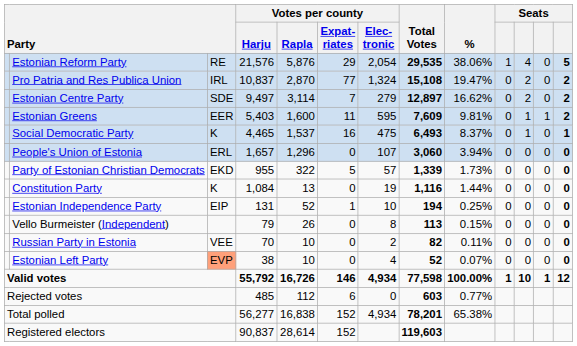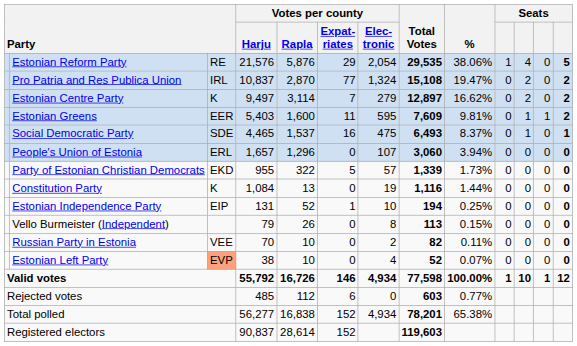 <table class="wikitable" border="1" style="text-align:right;">
 <tr>
 <th style="text-align:left;" valign=bottom rowspan=2 colspan=3>Party</th>
 <th colspan=4>Votes per county</th>
 <th align=center valign=bottom rowspan=2 width="50">Total Votes</th>
 <th align=center valign=bottom rowspan=2 width="50">%</th>
 <th colspan=4>Seats</th>
 </tr>
 <tr>
 <th align=center valign=bottom width="50"><a href='#'>Harju</a></th>
 <th align=center valign=bottom width="50"><a href='#'>Rapla</a></th>
 <th align=center valign=bottom width="50"><a href='#'>Expat- riates</a></th>
 <th align=center valign=bottom width="50"><a href='#'>Elec- tronic</a></th>
 <th align=center valign=bottom width="20"><small></small></th>
 <th align=center valign=bottom width="20"><small></small></th>
 <th align=center valign=bottom width="20"><small></small></th>
 <th align=center valign=bottom width="20"><small></small></th>
 </tr>
 <tr style="background:#CEE0F2;">
 <td style="background:"></td>
 <td align=left><a href='#'>Estonian Reform Party</a></td>
 <td align=left>RE</td>
 <td>21,576</td>
 <td>5,876</td>
 <td>29</td>
 <td>2,054</td>
 <td><strong>29,535</strong></td>
 <td>38.06%</td>
 <td>1</td>
 <td>4</td>
 <td>0</td>
 <td><strong>5</strong></td>
 </tr>
 <tr style="background:#CEE0F2;">
 <td style="background:"></td>
 <td align=left><a href='#'>Pro Patria and Res Publica Union</a></td>
 <td align=left>IRL</td>
 <td>10,837</td>
 <td>2,870</td>
 <td>77</td>
 <td>1,324</td>
 <td><strong>15,108</strong></td>
 <td>19.47%</td>
 <td>0</td>
 <td>2</td>
 <td>0</td>
 <td><strong>2</strong></td>
 </tr>
 <tr style="background:#CEE0F2;">
 <td style="background:"></td>
 <td align=left><a href='#'>Estonian Centre Party</a></td>
-<td align=left>SDE</td>
+<td align=left>K</td>
 <td>9,497</td>
 <td>3,114</td>
 <td>7</td>
 <td>279</td>
 <td><strong>12,897</strong></td>
 <td>16.62%</td>
 <td>0</td>
 <td>2</td>
 <td>0</td>
 <td><strong>2</strong></td>
 </tr>
 <tr style="background:#CEE0F2;">
 <td style="background:"></td>
 <td align=left><a href='#'>Estonian Greens</a></td>
 <td align=left>EER</td>
 <td>5,403</td>
 <td>1,600</td>
 <td>11</td>
 <td>595</td>
 <td><strong>7,609</strong></td>
 <td>9.81%</td>
 <td>0</td>
 <td>1</td>
 <td>1</td>
 <td><strong>2</strong></td>
 </tr>
 <tr style="background:#CEE0F2;">
 <td style="background:"></td>
 <td align=left><a href='#'>Social Democratic Party</a></td>
-<td align=left>K</td>
+<td align=left>SDE</td>
 <td>4,465</td>
 <td>1,537</td>
 <td>16</td>
 <td>475</td>
 <td><strong>6,493</strong></td>
 <td>8.37%</td>
 <td>0</td>
 <td>1</td>
 <td>0</td>
 <td><strong>1</strong></td>
 </tr>
 <tr style="background:#CEE0F2;">
 <td style="background:"></td>
 <td align=left><a href='#'>People's Union of Estonia</a></td>
 <td align=left>ERL</td>
 <td>1,657</td>
 <td>1,296</td>
 <td>0</td>
 <td>107</td>
 <td><strong>3,060</strong></td>
 <td>3.94%</td>
 <td>0</td>
 <td>0</td>
 <td>0</td>
 <td><strong>0</strong></td>
 </tr>
 <tr>
 <td style="background:"></td>
 <td align=left><a href='#'>Party of Estonian Christian Democrats</a></td>
 <td align=left>EKD</td>
 <td>955</td>
 <td>322</td>
 <td>5</td>
 <td>57</td>
 <td><strong>1,339</strong></td>
 <td>1.73%</td>
 <td>0</td>
 <td>0</td>
 <td>0</td>
 <td><strong>0</strong></td>
 </tr>
 <tr>
 <td style="background:"></td>
 <td align=left><a href='#'>Constitution Party</a></td>
 <td align=left>K</td>
 <td>1,084</td>
 <td>13</td>
 <td>0</td>
 <td>19</td>
 <td><strong>1,116</strong></td>
 <td>1.44%</td>
 <td>0</td>
 <td>0</td>
 <td>0</td>
 <td><strong>0</strong></td>
 </tr>
 <tr>
 <td style="background:"></td>
 <td align=left><a href='#'>Estonian Independence Party</a></td>
 <td align=left>EIP</td>
 <td>131</td>
 <td>52</td>
 <td>1</td>
 <td>10</td>
 <td><strong>194</strong></td>
 <td>0.25%</td>
 <td>0</td>
 <td>0</td>
 <td>0</td>
 <td><strong>0</strong></td>
 </tr>
 <tr>
 <td style="background:"></td>
 <td align=left>Vello Burmeister (<a href='#'>Independent</a>)</td>
 <td></td>
 <td>79</td>
 <td>26</td>
 <td>0</td>
 <td>8</td>
 <td><strong>113</strong></td>
 <td>0.15%</td>
 <td>0</td>
 <td>0</td>
 <td>0</td>
 <td><strong>0</strong></td>
 </tr>
 <tr>
 <td></td>
 <td align=left><a href='#'>Russian Party in Estonia</a></td>
 <td align=left>VEE</td>
 <td>70</td>
 <td>10</td>
 <td>0</td>
 <td>2</td>
 <td><strong>82</strong></td>
 <td>0.11%</td>
 <td>0</td>
 <td>0</td>
 <td>0</td>
 <td><strong>0</strong></td>
 </tr>
 <tr>
 <td style="background:"></td>
 <td align=left><a href='#'>Estonian Left Party</a></td>
 <td align=left style="background: lightsalmon;">EVP</td>
 <td>38</td>
 <td>10</td>
 <td>0</td>
 <td>4</td>
 <td><strong>52</strong></td>
 <td>0.07%</td>
 <td>0</td>
 <td>0</td>
 <td>0</td>
 <td><strong>0</strong></td>
 </tr>
 <tr style="font-weight:bold">
 <td align=left colspan=3>Valid votes</td>
 <td>55,792</td>
 <td>16,726</td>
 <td>146</td>
 <td>4,934</td>
 <td>77,598</td>
 <td>100.00%</td>
 <td>1</td>
 <td>10</td>
 <td>1</td>
 <td>12</td>
 </tr>
 <tr>
 <td align=left colspan=3>Rejected votes</td>
 <td>485</td>
 <td>112</td>
 <td>6</td>
 <td>0</td>
 <td><strong>603</strong></td>
 <td>0.77%</td>
 <td></td>
 <td></td>
 <td></td>
 <td></td>
 </tr>
 <tr>
 <td align=left colspan=3>Total polled</td>
 <td>56,277</td>
 <td>16,838</td>
 <td>152</td>
 <td>4,934</td>
 <td><strong>78,201</strong></td>
 <td>65.38%</td>
 <td></td>
 <td></td>
 <td></td>
 <td></td>
 </tr>
 <tr>
 <td align=left colspan=3>Registered electors</td>
 <td>90,837</td>
 <td>28,614</td>
 <td>152</td>
 <td></td>
 <td><strong>119,603</strong></td>
 <td></td>
 <td></td>
 <td></td>
 <td></td>
 <td></td>
 </tr>
 </table>
